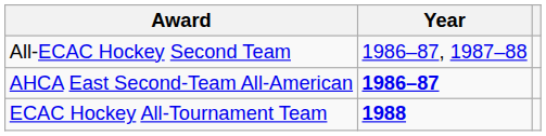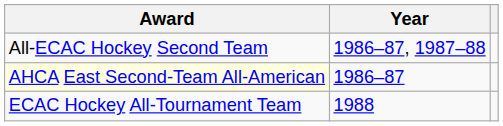 <table class="wikitable">
 <tr>
 <th>Award</th>
 <th>Year</th>
 <th></th>
 </tr>
 <tr>
 <td>All-<a href='#'>ECAC Hockey</a> <a href='#'>Second Team</a></td>
 <td><a href='#'>1986–87</a>, <a href='#'>1987–88</a></td>
 <td></td>
 </tr>
 <tr>
-<td><a href='#'>AHCA</a> <a href='#'>East Second-Team All-American</a></td>
-<td><strong><a href='#'>1986–87</a></strong></td>
+<td style="background: lightyellow;"><a href='#'>AHCA</a> <a href='#'>East Second-Team All-American</a></td>
+<td><a href='#'>1986–87</a></td>
 <td></td>
 </tr>
 <tr>
 <td><a href='#'>ECAC Hockey</a> <a href='#'>All-Tournament Team</a></td>
-<td><strong><a href='#'>1988</a></strong></td>
+<td><a href='#'>1988</a></td>
 </tr>
 </table>
